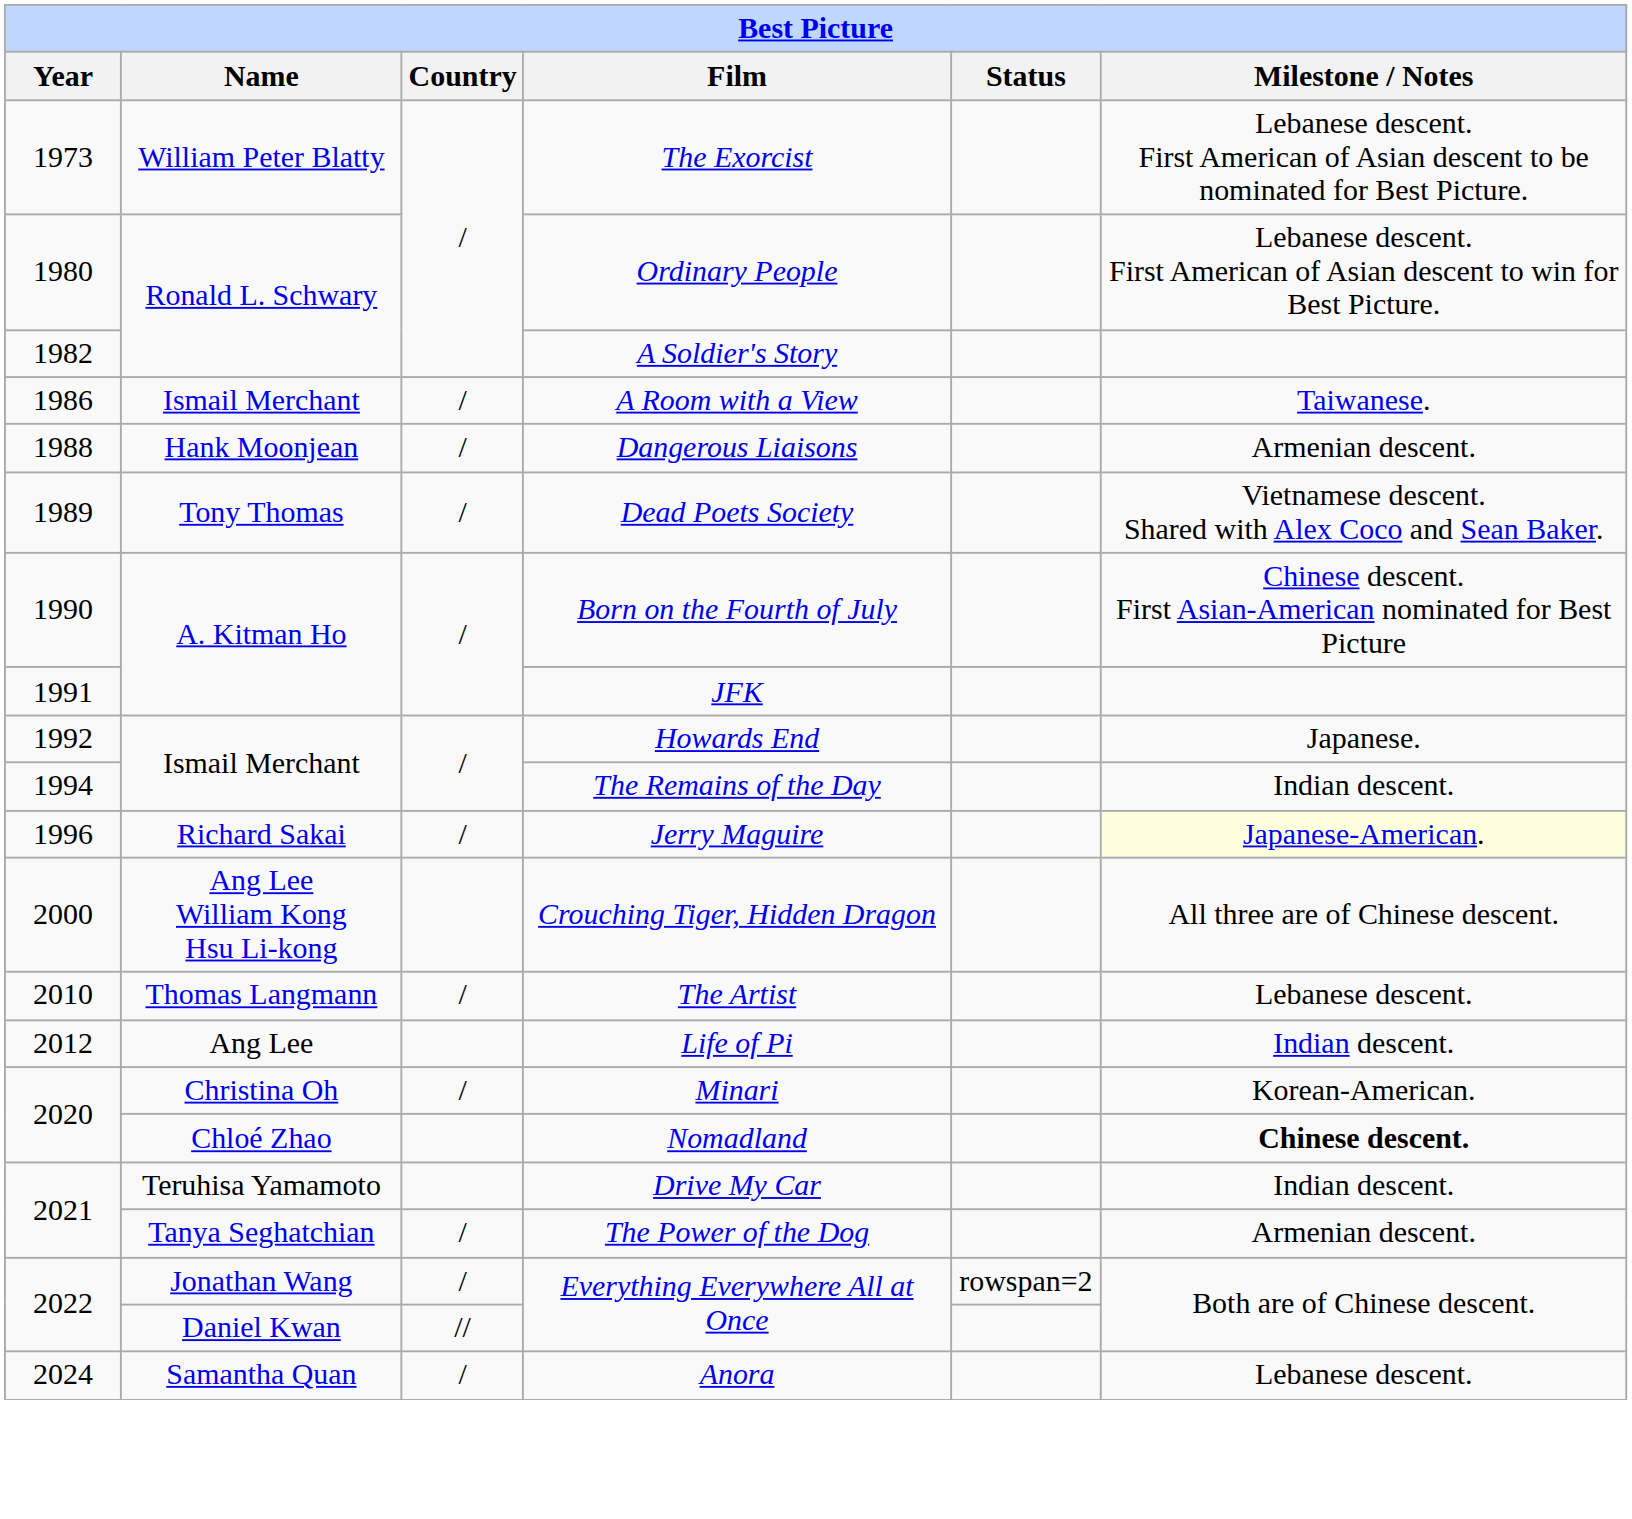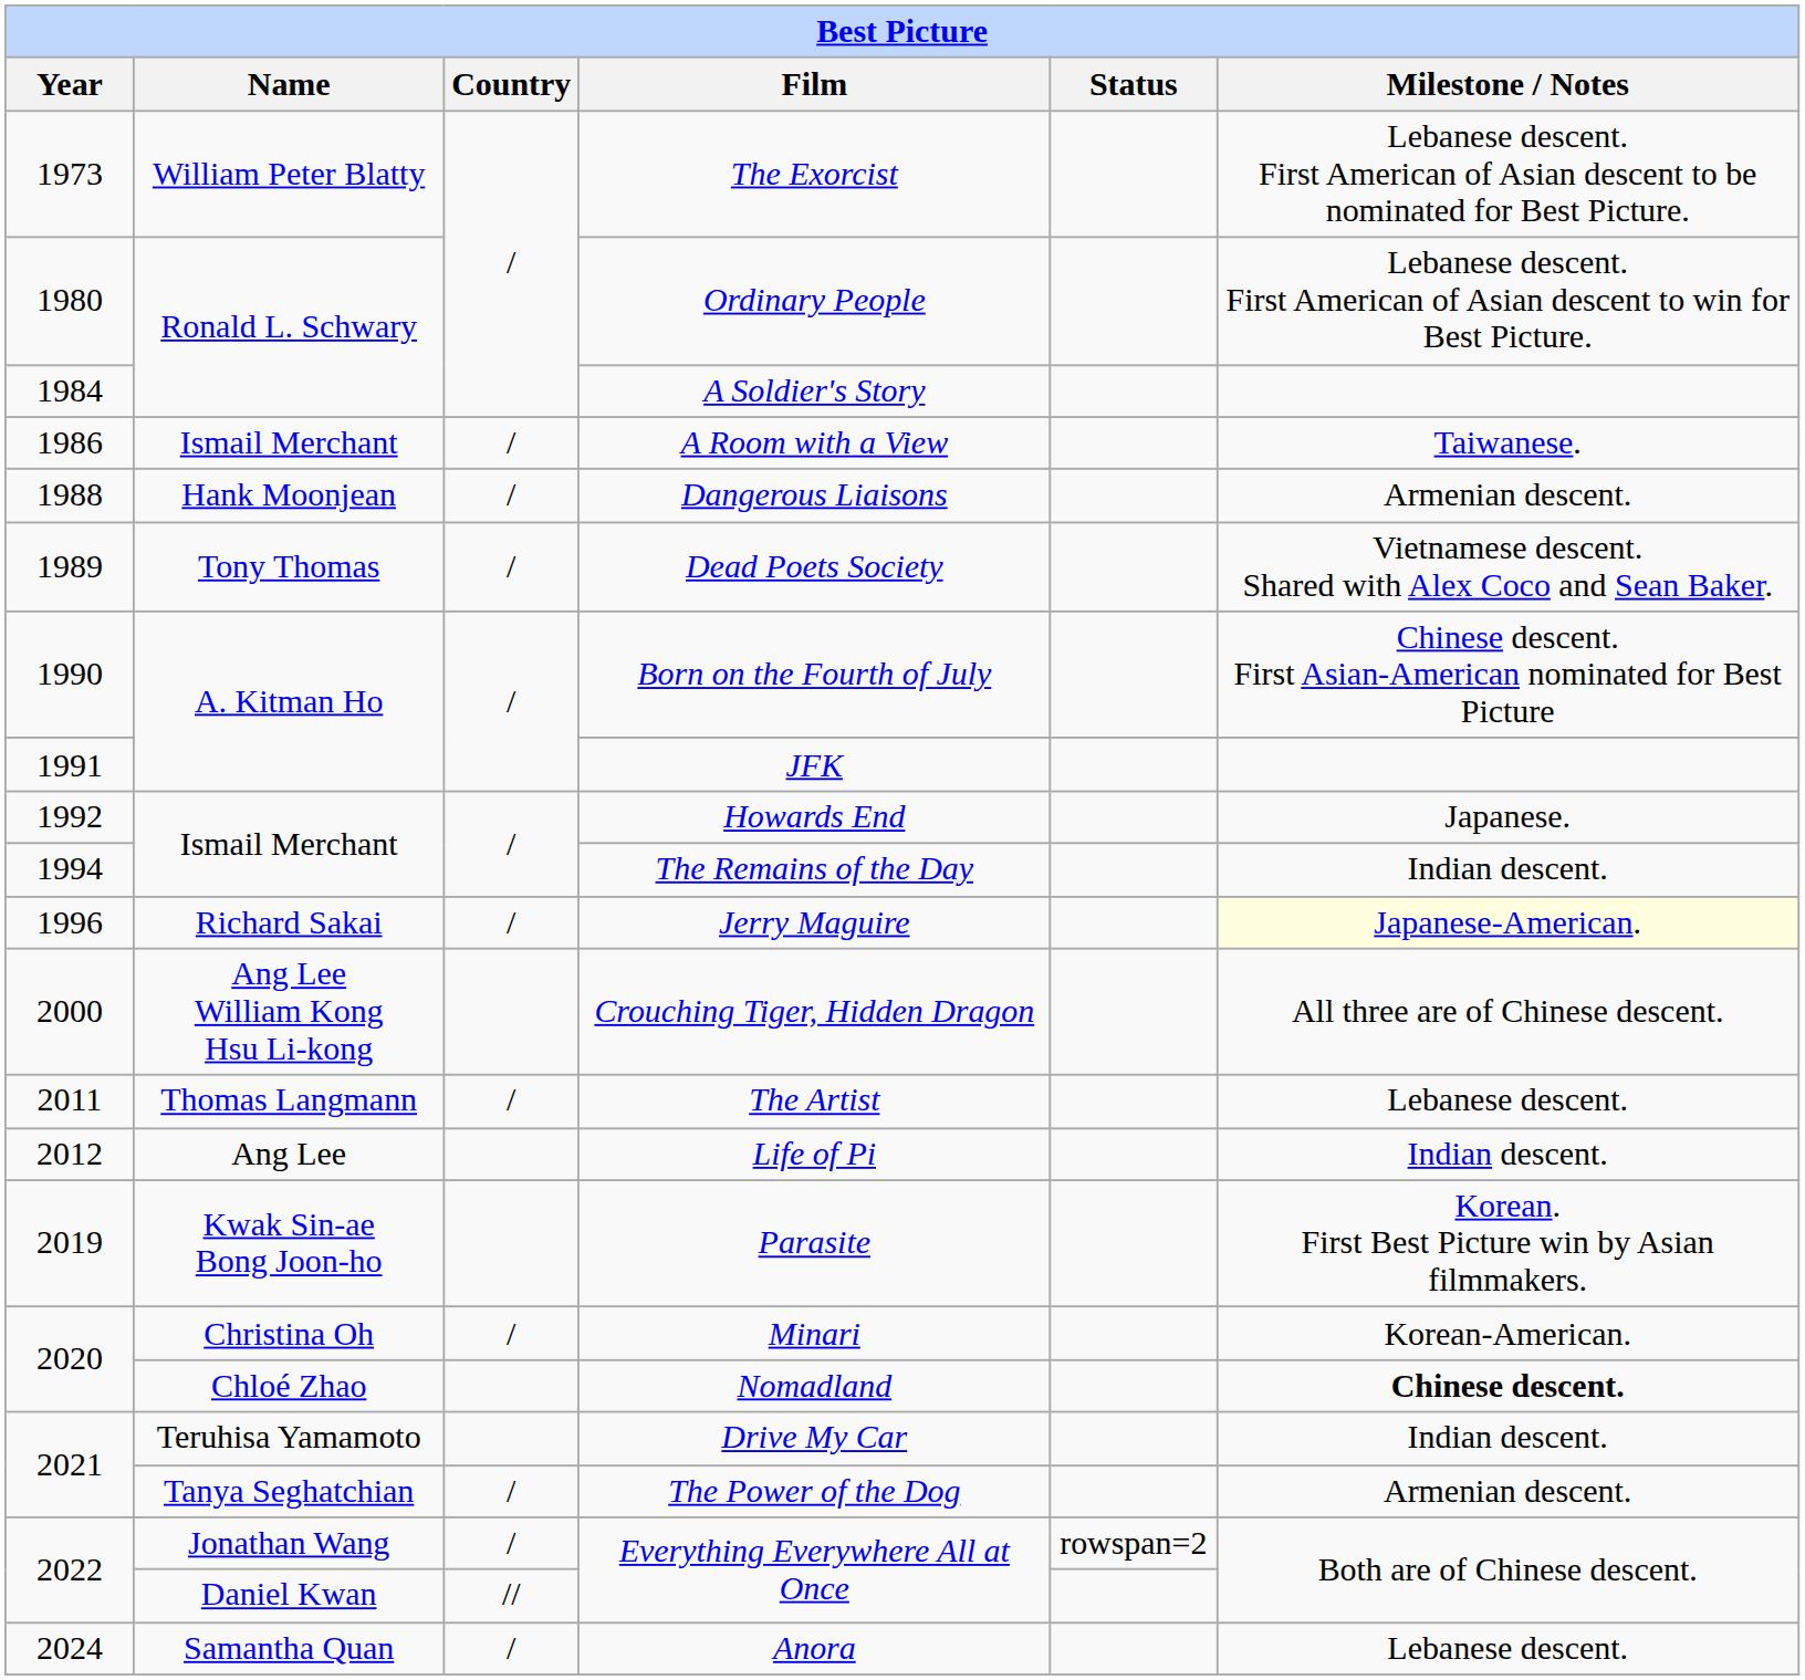 <table class="wikitable" style="text-align: center">
 <tr style="background:#bfd7ff;">
 <td colspan="6" style="text-align:center;"><strong><a href='#'>Best Picture</a></strong></td>
 </tr>
 <tr style="background:#ebf5ff;">
 <th width="75">Year</th>
 <th width="200">Name</th>
 <th width="50">Country</th>
 <th width="350">Film</th>
 <th width="75">Status</th>
 <th width="450">Milestone / Notes</th>
 </tr>
 <tr>
 <td>1973</td>
 <td><a href='#'>William Peter Blatty</a></td>
 <td rowspan="3">/</td>
 <td><em><a href='#'>The Exorcist</a></em></td>
 <td></td>
 <td>Lebanese descent.<br>First American of Asian descent to be nominated for Best Picture.</td>
 </tr>
 <tr>
 <td>1980</td>
 <td rowspan=2><a href='#'>Ronald L. Schwary</a></td>
 <td><em><a href='#'>Ordinary People</a></em></td>
 <td></td>
 <td>Lebanese descent.<br>First American of Asian descent to win for Best Picture.</td>
 </tr>
 <tr>
-<td>1982</td>
+<td>1984</td>
 <td><em><a href='#'>A Soldier's Story</a></em></td>
 <td></td>
 <td></td>
 </tr>
 <tr>
 <td>1986</td>
 <td><a href='#'>Ismail Merchant</a></td>
 <td>/</td>
 <td><em><a href='#'>A Room with a View</a></em></td>
 <td></td>
 <td><a href='#'>Taiwanese</a>.<br></td>
 </tr>
 <tr>
 <td>1988</td>
 <td><a href='#'>Hank Moonjean</a></td>
 <td style="text-align: center">/</td>
 <td><em><a href='#'>Dangerous Liaisons</a></em></td>
 <td></td>
 <td>Armenian descent.<br></td>
 </tr>
 <tr>
 <td>1989</td>
 <td><a href='#'>Tony Thomas</a></td>
 <td>/</td>
 <td><em><a href='#'>Dead Poets Society</a></em></td>
 <td></td>
 <td>Vietnamese descent.<br>Shared with <a href='#'>Alex Coco</a> and <a href='#'>Sean Baker</a>.</td>
 </tr>
 <tr>
 <td>1990</td>
 <td rowspan=2><a href='#'>A. Kitman Ho</a></td>
 <td rowspan=2>/</td>
 <td><em><a href='#'>Born on the Fourth of July</a></em></td>
 <td></td>
 <td><a href='#'>Chinese</a> descent.<br>First <a href='#'>Asian-American</a> nominated for Best Picture<br></td>
 </tr>
 <tr>
 <td>1991</td>
 <td><em><a href='#'>JFK</a></em></td>
 <td></td>
 <td></td>
 </tr>
 <tr>
 <td>1992</td>
 <td rowspan=2>Ismail Merchant</td>
 <td rowspan=2>/</td>
 <td><em><a href='#'>Howards End</a></em></td>
 <td></td>
 <td>Japanese.</td>
 </tr>
 <tr>
 <td>1994</td>
 <td><em><a href='#'>The Remains of the Day</a></em></td>
 <td></td>
 <td>Indian descent.<br></td>
 </tr>
 <tr>
 <td>1996</td>
 <td><a href='#'>Richard Sakai</a></td>
 <td style="text-align: center">/</td>
 <td><em><a href='#'>Jerry Maguire</a></em></td>
 <td></td>
 <td style="background: lightyellow;"><a href='#'>Japanese-American</a>.<br></td>
 </tr>
 <tr>
 <td>2000</td>
 <td><a href='#'>Ang Lee</a><br><a href='#'>William Kong</a><br><a href='#'>Hsu Li-kong</a></td>
 <td><br><br></td>
 <td><em><a href='#'>Crouching Tiger, Hidden Dragon</a></em></td>
 <td></td>
 <td>All three are of Chinese descent.</td>
 </tr>
 <tr>
-<td>2010</td>
+<td>2011</td>
 <td><a href='#'>Thomas Langmann</a></td>
 <td style="text-align: center">/</td>
 <td><em><a href='#'>The Artist</a></em></td>
 <td></td>
 <td>Lebanese descent.</td>
 </tr>
 <tr>
 <td>2012</td>
 <td>Ang Lee</td>
 <td style="text-align: center"></td>
 <td><em><a href='#'>Life of Pi</a></em></td>
 <td></td>
 <td><a href='#'>Indian</a> descent.</td>
+</tr>
+<tr>
+<td>2019</td>
+<td><a href='#'>Kwak Sin-ae</a><br><a href='#'>Bong Joon-ho</a></td>
+<td></td>
+<td><em><a href='#'>Parasite</a></em></td>
+<td></td>
+<td><a href='#'>Korean</a>.<br>First Best Picture win by Asian filmmakers.</td>
 </tr>
 <tr>
 <td rowspan=2>2020</td>
 <td><a href='#'>Christina Oh</a></td>
 <td style="text-align: center">/</td>
 <td><em><a href='#'>Minari</a></em></td>
 <td></td>
 <td>Korean-American.</td>
 </tr>
 <tr>
 <td><a href='#'>Chloé Zhao</a></td>
 <td style="text-align: center"></td>
 <td><em><a href='#'>Nomadland</a></em></td>
 <td></td>
 <td><strong>Chinese descent.</strong></td>
 </tr>
 <tr>
 <td rowspan=2>2021</td>
 <td>Teruhisa Yamamoto</td>
 <td style="text-align: center"></td>
 <td><em><a href='#'>Drive My Car</a></em></td>
 <td></td>
 <td>Indian descent.</td>
 </tr>
 <tr>
 <td><a href='#'>Tanya Seghatchian</a></td>
 <td style="text-align: center">/</td>
 <td><em><a href='#'>The Power of the Dog</a></em></td>
 <td></td>
 <td>Armenian descent.<br></td>
 </tr>
 <tr>
 <td rowspan=2>2022</td>
 <td><a href='#'>Jonathan Wang</a></td>
 <td style="text-align: center">/</td>
 <td rowspan=2><em><a href='#'>Everything Everywhere All at Once</a></em></td>
 <td>rowspan=2 </td>
 <td rowspan=2>Both are of Chinese descent.<br></td>
 </tr>
 <tr>
 <td><a href='#'>Daniel Kwan</a></td>
 <td style="text-align: center">//</td>
 </tr>
 <tr>
 <td>2024</td>
 <td><a href='#'>Samantha Quan</a></td>
 <td style="text-align: center">/</td>
 <td><em><a href='#'>Anora</a></em></td>
 <td></td>
 <td>Lebanese descent.</td>
 </tr>
 </table>
